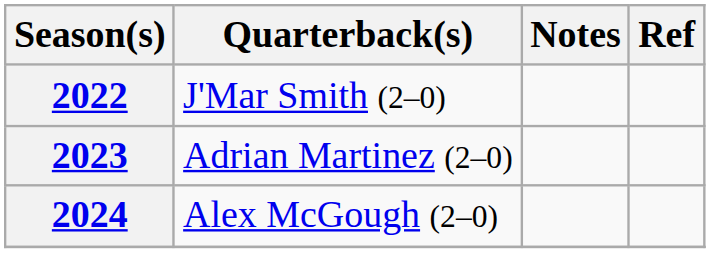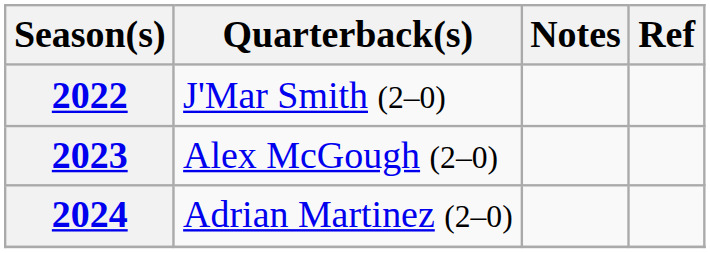 <table class="wikitable plainrowheaders">
 <tr>
 <th>Season(s)</th>
 <th>Quarterback(s)</th>
 <th>Notes</th>
 <th>Ref</th>
 </tr>
 <tr>
 <th scope="row"><a href='#'>2022</a></th>
 <td><a href='#'>J'Mar Smith</a> <small>(2–0)</small></td>
 <td></td>
 <td></td>
 </tr>
 <tr>
 <th scope="row"><a href='#'>2023</a></th>
-<td><a href='#'>Adrian Martinez</a> <small>(2–0)</small></td>
+<td><a href='#'>Alex McGough</a> <small>(2–0)</small></td>
 <td></td>
 <td></td>
 </tr>
 <tr>
 <th scope="row"><a href='#'>2024</a></th>
-<td><a href='#'>Alex McGough</a> <small>(2–0)</small></td>
+<td><a href='#'>Adrian Martinez</a> <small>(2–0)</small></td>
 <td></td>
 <td></td>
 </tr>
 <tr>
 </tr>
 </table>
